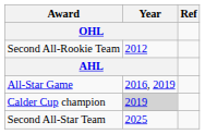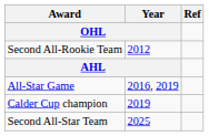 <table class="wikitable">
 <tr>
 <th>Award</th>
 <th>Year</th>
 <th>Ref</th>
 </tr>
 <tr>
 <th colspan="2"><a href='#'>OHL</a></th>
 </tr>
 <tr>
 <td>Second All-Rookie Team</td>
 <td><a href='#'>2012</a></td>
 <td></td>
 </tr>
 <tr>
 <th colspan="2"><a href='#'>AHL</a></th>
 </tr>
 <tr>
 <td><a href='#'>All-Star Game</a></td>
 <td><a href='#'>2016</a>, <a href='#'>2019</a></td>
 <td></td>
 </tr>
 <tr>
 <td><a href='#'>Calder Cup</a> champion</td>
-<td style="background: lightgrey;"><a href='#'>2019</a></td>
+<td><a href='#'>2019</a></td>
 <td></td>
 </tr>
 <tr>
 <td>Second All-Star Team</td>
 <td><a href='#'>2025</a></td>
 <td></td>
 </tr>
 </table>
